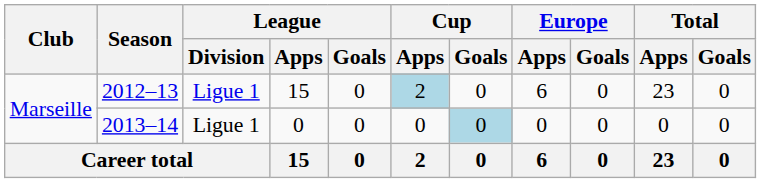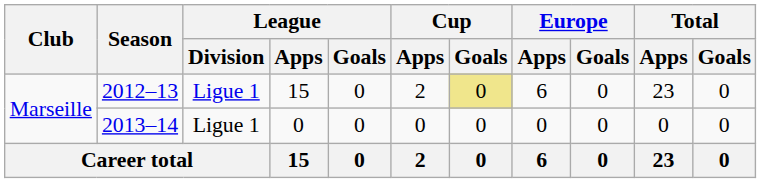 <table class="wikitable" style="text-align:center">
 <tr>
 <th rowspan="2">Club</th>
 <th rowspan="2">Season</th>
 <th colspan="3">League</th>
 <th colspan="2">Cup</th>
 <th colspan="2"><a href='#'>Europe</a></th>
 <th colspan="2">Total</th>
 </tr>
 <tr>
 <th>Division</th>
 <th>Apps</th>
 <th>Goals</th>
 <th>Apps</th>
 <th>Goals</th>
 <th>Apps</th>
 <th>Goals</th>
 <th>Apps</th>
 <th>Goals</th>
 </tr>
 <tr>
 <td rowspan="2"><a href='#'>Marseille</a></td>
 <td><a href='#'>2012–13</a></td>
 <td><a href='#'>Ligue 1</a></td>
 <td>15</td>
 <td>0</td>
-<td style="background: lightblue;">2</td>
-<td>0</td>
+<td>2</td>
+<td style="background: khaki;">0</td>
 <td>6</td>
 <td>0</td>
 <td>23</td>
 <td>0</td>
 </tr>
 <tr>
 <td><a href='#'>2013–14</a></td>
 <td>Ligue 1</td>
 <td>0</td>
 <td>0</td>
 <td>0</td>
-<td style="background: lightblue;">0</td>
+<td>0</td>
 <td>0</td>
 <td>0</td>
 <td>0</td>
 <td>0</td>
 </tr>
 <tr>
 <th colspan="3">Career total</th>
 <th>15</th>
 <th>0</th>
 <th>2</th>
 <th>0</th>
 <th>6</th>
 <th>0</th>
 <th>23</th>
 <th>0</th>
 </tr>
 </table>
